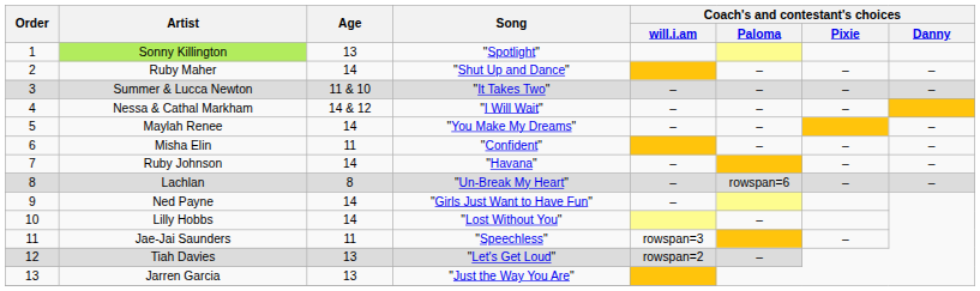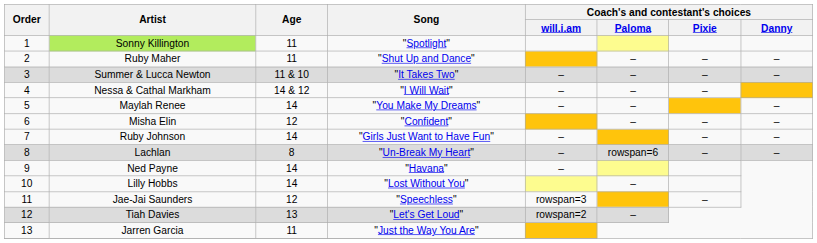 <table class="wikitable" style="text-align:center; line-height:17px; font-size:100%; width:100%;">
 <tr>
 <th width="5%" rowspan="2" scope="col">Order</th>
 <th scope="col" rowspan="2" width="23%">Artist</th>
 <th width="8%" rowspan="2" scope="col">Age</th>
 <th scope="col" rowspan="2" width="22%">Song</th>
 <th scope="col" colspan="4" width="24%">Coach's and contestant's choices</th>
 </tr>
 <tr>
 <th width="8%"><a href='#'>will.i.am</a></th>
 <th width="8%"><a href='#'>Paloma</a></th>
 <th width="8%"><a href='#'>Pixie</a></th>
 <th width="8%"><a href='#'>Danny</a></th>
 </tr>
 <tr>
 <td>1</td>
 <td style="background-color:#B2EC5D;">Sonny Killington</td>
-<td>13</td>
+<td>11</td>
 <td>"<a href='#'>Spotlight</a>"</td>
 <td><strong></strong></td>
 <td style="background:#fdfc8f;"><strong></strong></td>
 <td><strong></strong></td>
 <td><strong></strong></td>
 </tr>
 <tr>
 <td>2</td>
 <td>Ruby Maher</td>
-<td>14</td>
+<td>11</td>
 <td>"<a href='#'>Shut Up and Dance</a>"</td>
 <td style="background:#FFC40C;"><strong></strong></td>
 <td>–</td>
 <td>–</td>
 <td>–</td>
 </tr>
 <tr bgcolor="#dcdcdc">
 <td>3</td>
 <td>Summer & Lucca Newton</td>
 <td>11 & 10</td>
 <td>"<a href='#'>It Takes Two</a>"</td>
 <td>–</td>
 <td>–</td>
 <td>–</td>
 <td>–</td>
 </tr>
 <tr>
 <td>4</td>
 <td>Nessa & Cathal Markham</td>
 <td>14 & 12</td>
 <td>"<a href='#'>I Will Wait</a>"</td>
 <td>–</td>
 <td>–</td>
 <td>–</td>
 <td style="background:#FFC40C;"><strong></strong></td>
 </tr>
 <tr>
 <td>5</td>
 <td>Maylah Renee</td>
 <td>14</td>
 <td>"<a href='#'>You Make My Dreams</a>"</td>
 <td>–</td>
 <td>–</td>
 <td style="background:#FFC40C;"><strong></strong></td>
 <td>–</td>
 </tr>
 <tr>
 <td>6</td>
 <td>Misha Elin</td>
-<td>11</td>
+<td>12</td>
 <td>"<a href='#'>Confident</a>"</td>
 <td style="background:#FFC40C;"><strong></strong></td>
 <td>–</td>
 <td>–</td>
 <td>–</td>
 </tr>
 <tr>
 <td>7</td>
 <td>Ruby Johnson</td>
 <td>14</td>
-<td>"<a href='#'>Havana</a>"</td>
+<td>"<a href='#'>Girls Just Want to Have Fun</a>"</td>
 <td>–</td>
 <td style="background:#FFC40C;"><strong></strong></td>
 <td>–</td>
 <td>–</td>
 </tr>
 <tr bgcolor="#dcdcdc">
 <td>8</td>
 <td>Lachlan</td>
 <td>8</td>
 <td>"<a href='#'>Un-Break My Heart</a>"</td>
 <td>–</td>
 <td>rowspan=6 </td>
 <td>–</td>
 <td>–</td>
 </tr>
 <tr>
 <td>9</td>
 <td>Ned Payne</td>
 <td>14</td>
-<td>"<a href='#'>Girls Just Want to Have Fun</a>"</td>
+<td>"<a href='#'>Havana</a>"</td>
 <td>–</td>
 <td style="background:#fdfc8f;"><strong></strong></td>
 <td><strong></strong></td>
 </tr>
 <tr>
 <td>10</td>
 <td>Lilly Hobbs</td>
 <td>14</td>
 <td>"<a href='#'>Lost Without You</a>"</td>
 <td style="background:#fdfc8f;"><strong></strong></td>
 <td>–</td>
 <td><strong></strong></td>
 </tr>
 <tr>
 <td>11</td>
 <td>Jae-Jai Saunders</td>
-<td>11</td>
+<td>12</td>
 <td>"<a href='#'>Speechless</a>"</td>
 <td>rowspan=3 </td>
 <td style="background:#FFC40C;"><strong></strong></td>
 <td>–</td>
 </tr>
 <tr bgcolor="#dcdcdc">
 <td>12</td>
 <td>Tiah Davies</td>
 <td>13</td>
 <td>"<a href='#'>Let's Get Loud</a>"</td>
 <td>rowspan=2 </td>
 <td>–</td>
 </tr>
 <tr>
 <td>13</td>
 <td>Jarren Garcia</td>
-<td>13</td>
+<td>11</td>
 <td>"<a href='#'>Just the Way You Are</a>"</td>
 <td style="background:#FFC40C;"><strong></strong></td>
 </tr>
 <tr>
 </tr>
 </table>
